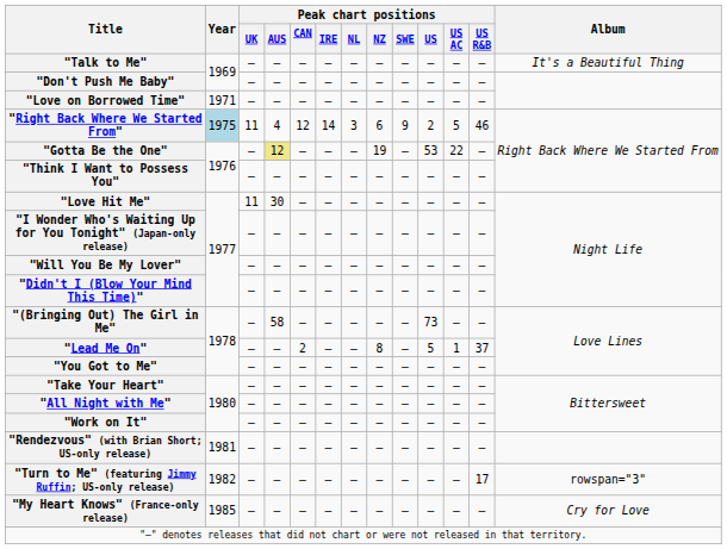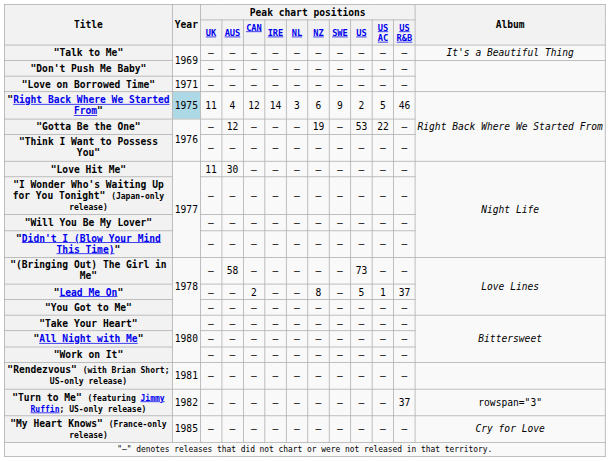 <table class="wikitable plainrowheaders" style="text-align:center;">
 <tr>
 <th rowspan="2" scope="col" style="width:17em;">Title</th>
 <th rowspan="2" scope="col" style="width:2em;">Year</th>
 <th colspan="10">Peak chart positions</th>
 <th rowspan="2">Album</th>
 </tr>
 <tr>
 <th scope="col" style="width:2em;font-size:90%;"><a href='#'>UK</a><br></th>
 <th scope="col" style="width:2em;font-size:90%;"><a href='#'>AUS</a><br></th>
 <th scope="col" style="width:2em;font-size:90%;"><a href='#'>CAN</a><br><br></th>
 <th scope="col" style="width:2em;font-size:90%;"><a href='#'>IRE</a><br></th>
 <th scope="col" style="width:2em;font-size:90%;"><a href='#'>NL</a><br></th>
 <th scope="col" style="width:2em;font-size:90%;"><a href='#'>NZ</a><br></th>
 <th scope="col" style="width:2em;font-size:90%;"><a href='#'>SWE</a><br></th>
 <th scope="col" style="width:2em;font-size:90%;"><a href='#'>US</a><br></th>
 <th scope="col" style="width:2em;font-size:90%;"><a href='#'>US AC</a><br></th>
 <th scope="col" style="width:2em;font-size:90%;"><a href='#'>US R&B</a><br></th>
 </tr>
 <tr>
 <th scope="row">"Talk to Me"</th>
 <td rowspan="2">1969</td>
 <td>—</td>
 <td>—</td>
 <td>—</td>
 <td>—</td>
 <td>—</td>
 <td>—</td>
 <td>—</td>
 <td>—</td>
 <td>—</td>
 <td>—</td>
 <td><em>It's a Beautiful Thing</em></td>
 </tr>
 <tr>
 <th scope="row">"Don't Push Me Baby"</th>
 <td>—</td>
 <td>—</td>
 <td>—</td>
 <td>—</td>
 <td>—</td>
 <td>—</td>
 <td>—</td>
 <td>—</td>
 <td>—</td>
 <td>—</td>
 </tr>
 <tr>
 <th scope="row">"Love on Borrowed Time"</th>
 <td>1971</td>
 <td>—</td>
 <td>—</td>
 <td>—</td>
 <td>—</td>
 <td>—</td>
 <td>—</td>
 <td>—</td>
 <td>—</td>
 <td>—</td>
 <td>—</td>
 </tr>
 <tr>
 <th scope="row">"<a href='#'>Right Back Where We Started From</a>"</th>
 <td style="background: lightblue;">1975</td>
 <td>11</td>
 <td>4</td>
 <td>12</td>
 <td>14</td>
 <td>3</td>
 <td>6</td>
 <td>9</td>
 <td>2</td>
 <td>5</td>
 <td>46</td>
 <td rowspan="3"><em>Right Back Where We Started From</em></td>
 </tr>
 <tr>
 <th scope="row">"Gotta Be the One"</th>
 <td rowspan="2">1976</td>
 <td>—</td>
-<td style="background: khaki;">12</td>
+<td>12</td>
 <td>—</td>
 <td>—</td>
 <td>—</td>
 <td>19</td>
 <td>—</td>
 <td>53</td>
 <td>22</td>
 <td>—</td>
 </tr>
 <tr>
 <th scope="row">"Think I Want to Possess You"</th>
 <td>—</td>
 <td>—</td>
 <td>—</td>
 <td>—</td>
 <td>—</td>
 <td>—</td>
 <td>—</td>
 <td>—</td>
 <td>—</td>
 <td>—</td>
 </tr>
 <tr>
 <th scope="row">"Love Hit Me"</th>
 <td rowspan="4">1977</td>
 <td>11</td>
 <td>30</td>
 <td>—</td>
 <td>—</td>
 <td>—</td>
 <td>—</td>
 <td>—</td>
 <td>—</td>
 <td>—</td>
 <td>—</td>
 <td rowspan="4"><em>Night Life</em></td>
 </tr>
 <tr>
 <th scope="row">"I Wonder Who's Waiting Up for You Tonight" <small>(Japan-only release)</small></th>
 <td>—</td>
 <td>—</td>
 <td>—</td>
 <td>—</td>
 <td>—</td>
 <td>—</td>
 <td>—</td>
 <td>—</td>
 <td>—</td>
 <td>—</td>
 </tr>
 <tr>
 <th scope="row">"Will You Be My Lover"</th>
 <td>—</td>
 <td>—</td>
 <td>—</td>
 <td>—</td>
 <td>—</td>
 <td>—</td>
 <td>—</td>
 <td>—</td>
 <td>—</td>
 <td>—</td>
 </tr>
 <tr>
 <th scope="row">"<a href='#'>Didn't I (Blow Your Mind This Time)</a>"</th>
 <td>—</td>
 <td>—</td>
 <td>—</td>
 <td>—</td>
 <td>—</td>
 <td>—</td>
 <td>—</td>
 <td>—</td>
 <td>—</td>
 <td>—</td>
 </tr>
 <tr>
 <th scope="row">"(Bringing Out) The Girl in Me"</th>
 <td rowspan="3">1978</td>
 <td>—</td>
 <td>58</td>
 <td>—</td>
 <td>—</td>
 <td>—</td>
 <td>—</td>
 <td>—</td>
 <td>73</td>
 <td>—</td>
 <td>—</td>
 <td rowspan="3"><em>Love Lines</em></td>
 </tr>
 <tr>
 <th scope="row">"<a href='#'>Lead Me On</a>"</th>
 <td>—</td>
 <td>—</td>
 <td>2</td>
 <td>—</td>
 <td>—</td>
 <td>8</td>
 <td>—</td>
 <td>5</td>
 <td>1</td>
 <td>37</td>
 </tr>
 <tr>
 <th scope="row">"You Got to Me"</th>
 <td>—</td>
 <td>—</td>
 <td>—</td>
 <td>—</td>
 <td>—</td>
 <td>—</td>
 <td>—</td>
 <td>—</td>
 <td>—</td>
 <td>—</td>
 </tr>
 <tr>
 <th scope="row">"Take Your Heart"</th>
 <td rowspan="3">1980</td>
 <td>—</td>
 <td>—</td>
 <td>—</td>
 <td>—</td>
 <td>—</td>
 <td>—</td>
 <td>—</td>
 <td>—</td>
 <td>—</td>
 <td>—</td>
 <td rowspan="3"><em>Bittersweet</em></td>
 </tr>
 <tr>
 <th scope="row">"<a href='#'>All Night with Me</a>"</th>
 <td>—</td>
 <td>—</td>
 <td>—</td>
 <td>—</td>
 <td>—</td>
 <td>—</td>
 <td>—</td>
 <td>—</td>
 <td>—</td>
 <td>—</td>
 </tr>
 <tr>
 <th scope="row">"Work on It"</th>
 <td>—</td>
 <td>—</td>
 <td>—</td>
 <td>—</td>
 <td>—</td>
 <td>—</td>
 <td>—</td>
 <td>—</td>
 <td>—</td>
 <td>—</td>
 </tr>
 <tr>
 <th scope="row">"Rendezvous" <small>(with Brian Short; US-only release)</small></th>
 <td>1981</td>
 <td>—</td>
 <td>—</td>
 <td>—</td>
 <td>—</td>
 <td>—</td>
 <td>—</td>
 <td>—</td>
 <td>—</td>
 <td>—</td>
 <td>—</td>
 <td></td>
 </tr>
 <tr>
 <th scope="row">"Turn to Me" <small>(featuring <a href='#'>Jimmy Ruffin</a>; US-only release)</small></th>
 <td>1982</td>
 <td>—</td>
 <td>—</td>
 <td>—</td>
 <td>—</td>
 <td>—</td>
 <td>—</td>
 <td>—</td>
 <td>—</td>
 <td>—</td>
-<td>17</td>
+<td>37</td>
 <td>rowspan="3" </td>
 </tr>
 <tr>
 <th scope="row">"My Heart Knows" <small>(France-only release)</small></th>
 <td>1985</td>
 <td>—</td>
 <td>—</td>
 <td>—</td>
 <td>—</td>
 <td>—</td>
 <td>—</td>
 <td>—</td>
 <td>—</td>
 <td>—</td>
 <td>—</td>
 <td><em>Cry for Love</em></td>
 </tr>
 <tr>
 <td colspan="13" style="font-size:8pt">"—" denotes releases that did not chart or were not released in that territory.</td>
 </tr>
 </table>
